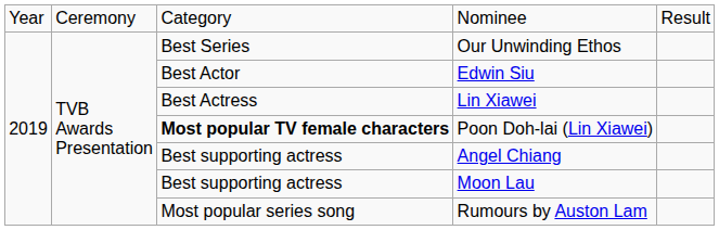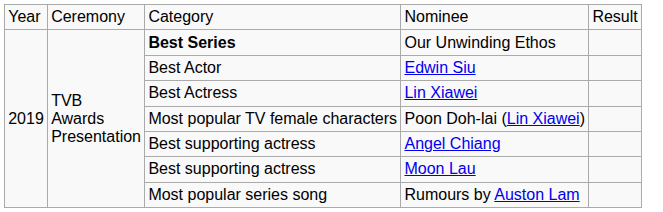 <table class="wikitable">
 <tr>
 <td>Year</td>
 <td>Ceremony</td>
 <td>Category</td>
 <td>Nominee</td>
 <td>Result</td>
 </tr>
 <tr>
 <td rowspan="7">2019</td>
 <td rowspan="7">TVB<br>Awards<br>Presentation</td>
-<td>Best Series</td>
+<td><strong>Best Series</strong></td>
 <td>Our Unwinding Ethos</td>
 <td></td>
 </tr>
 <tr>
 <td>Best Actor</td>
 <td><a href='#'>Edwin Siu</a></td>
 <td></td>
 </tr>
 <tr>
 <td>Best Actress</td>
 <td><a href='#'>Lin Xiawei</a></td>
 <td></td>
 </tr>
 <tr>
-<td><strong>Most popular TV female characters</strong></td>
+<td>Most popular TV female characters</td>
 <td>Poon Doh-lai (<a href='#'>Lin Xiawei</a>)</td>
 <td></td>
 </tr>
 <tr>
 <td>Best supporting actress</td>
 <td><a href='#'>Angel Chiang</a></td>
 <td></td>
 </tr>
 <tr>
 <td>Best supporting actress</td>
 <td><a href='#'>Moon Lau</a></td>
 <td></td>
 </tr>
 <tr>
 <td>Most popular series song</td>
 <td>Rumours by <a href='#'>Auston Lam</a></td>
 <td></td>
 </tr>
 </table>
